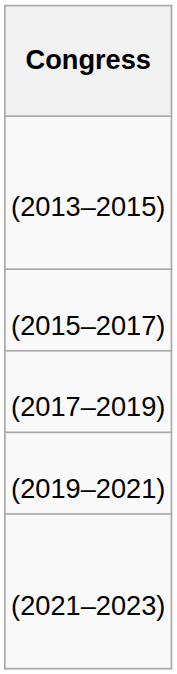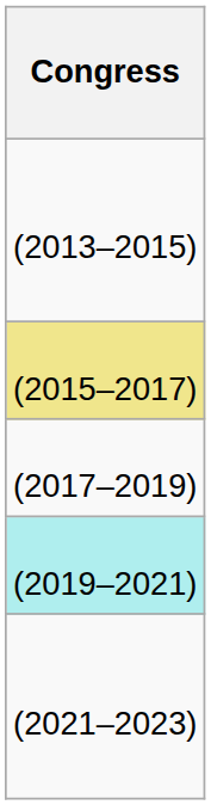 <table class="wikitable" style="float:left; margin:0; margin-right:-0.5px; margin-top:14px; text-align:center;">
 <tr style="white-space:nowrap; height:4.04em;">
 <th>Congress</th>
 </tr>
 <tr style="white-space:nowrap; height:5.66em;">
 <td><strong></strong><br>(2013–2015)</td>
 </tr>
 <tr style="white-space:nowrap; height:3em">
-<td><strong></strong><br>(2015–2017)</td>
+<td style="background: khaki;"><strong></strong><br>(2015–2017)</td>
 </tr>
 <tr style="white-space:nowrap; height:3em">
 <td><strong></strong><br>(2017–2019)</td>
 </tr>
 <tr style="white-space:nowrap; height:3em">
-<td><strong></strong><br>(2019–2021)</td>
+<td style="background: paleturquoise;"><strong></strong><br>(2019–2021)</td>
 </tr>
 <tr style="white-space:nowrap; height:5.67em">
 <td><strong></strong><br>(2021–2023)</td>
 </tr>
 </table>
